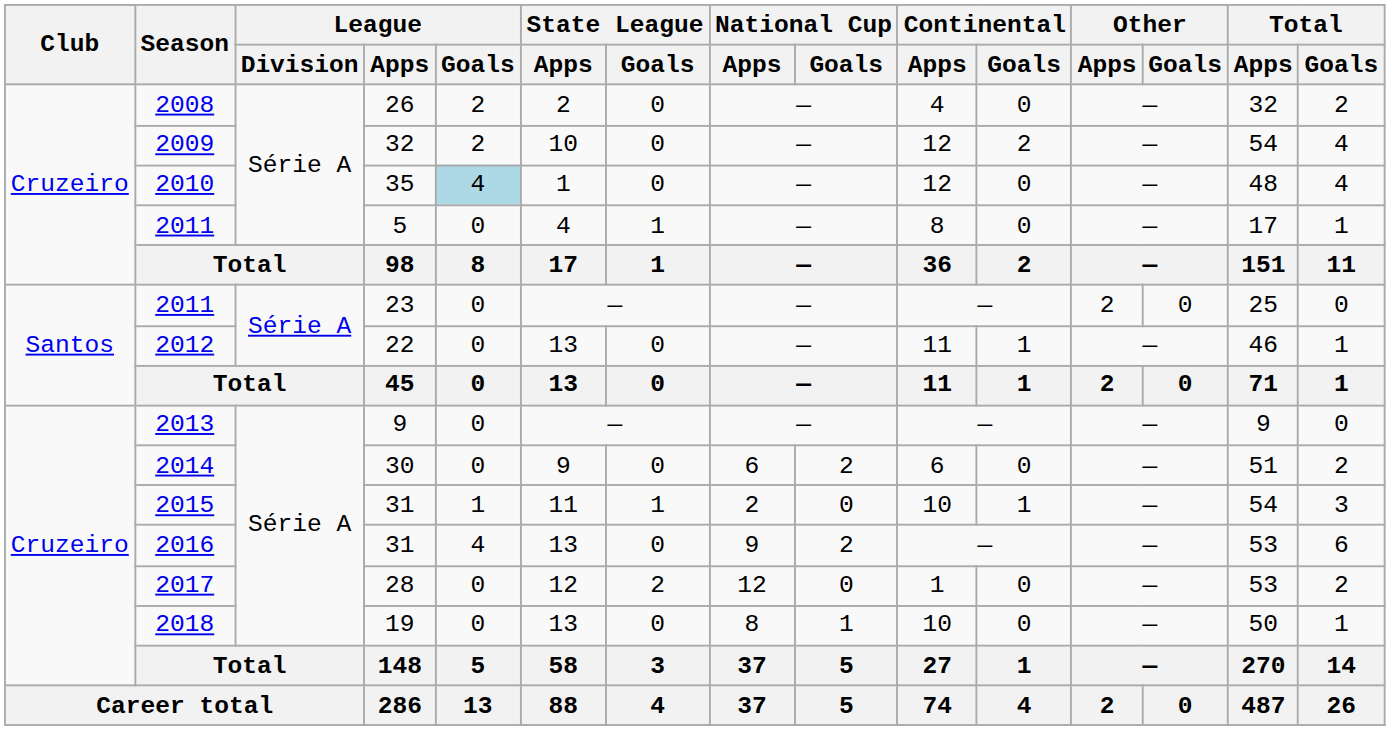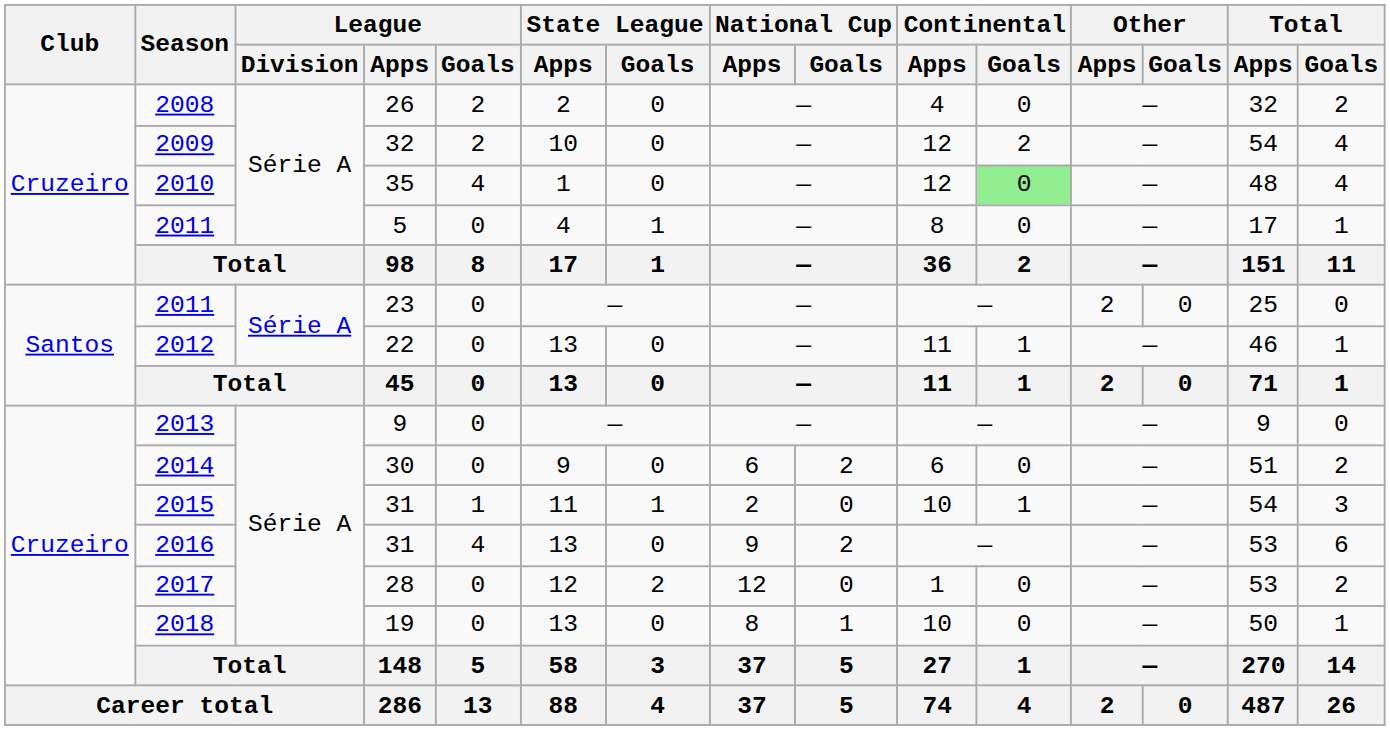 <table class="wikitable" style="text-align: center;">
 <tr>
 <th rowspan="2">Club</th>
 <th rowspan="2">Season</th>
 <th colspan="3">League</th>
 <th colspan="2">State League</th>
 <th colspan="2">National Cup</th>
 <th colspan="2">Continental</th>
 <th colspan="2">Other</th>
 <th colspan="2">Total</th>
 </tr>
 <tr>
 <th>Division</th>
 <th>Apps</th>
 <th>Goals</th>
 <th>Apps</th>
 <th>Goals</th>
 <th>Apps</th>
 <th>Goals</th>
 <th>Apps</th>
 <th>Goals</th>
 <th>Apps</th>
 <th>Goals</th>
 <th>Apps</th>
 <th>Goals</th>
 </tr>
 <tr>
 <td rowspan="5"><a href='#'>Cruzeiro</a></td>
 <td><a href='#'>2008</a></td>
 <td rowspan="4">Série A</td>
 <td>26</td>
 <td>2</td>
 <td>2</td>
 <td>0</td>
 <td colspan="2">—</td>
 <td>4</td>
 <td>0</td>
 <td colspan="2">—</td>
 <td>32</td>
 <td>2</td>
 </tr>
 <tr>
 <td><a href='#'>2009</a></td>
 <td>32</td>
 <td>2</td>
 <td>10</td>
 <td>0</td>
 <td colspan="2">—</td>
 <td>12</td>
 <td>2</td>
 <td colspan="2">—</td>
 <td>54</td>
 <td>4</td>
 </tr>
 <tr>
 <td><a href='#'>2010</a></td>
 <td>35</td>
-<td style="background: lightblue;">4</td>
+<td>4</td>
 <td>1</td>
 <td>0</td>
 <td colspan="2">—</td>
 <td>12</td>
-<td>0</td>
+<td style="background: lightgreen;">0</td>
 <td colspan="2">—</td>
 <td>48</td>
 <td>4</td>
 </tr>
 <tr>
 <td><a href='#'>2011</a></td>
 <td>5</td>
 <td>0</td>
 <td>4</td>
 <td>1</td>
 <td colspan="2">—</td>
 <td>8</td>
 <td>0</td>
 <td colspan="2">—</td>
 <td>17</td>
 <td>1</td>
 </tr>
 <tr>
 <th colspan="2">Total</th>
 <th>98</th>
 <th>8</th>
 <th>17</th>
 <th>1</th>
 <th colspan="2">—</th>
 <th>36</th>
 <th>2</th>
 <th colspan="2">—</th>
 <th>151</th>
 <th>11</th>
 </tr>
 <tr>
 <td rowspan="3"><a href='#'>Santos</a></td>
 <td><a href='#'>2011</a></td>
 <td rowspan="2"><a href='#'>Série A</a></td>
 <td>23</td>
 <td>0</td>
 <td colspan="2">—</td>
 <td colspan="2">—</td>
 <td colspan="2">—</td>
 <td>2</td>
 <td>0</td>
 <td>25</td>
 <td>0</td>
 </tr>
 <tr>
 <td><a href='#'>2012</a></td>
 <td>22</td>
 <td>0</td>
 <td>13</td>
 <td>0</td>
 <td colspan="2">—</td>
 <td>11</td>
 <td>1</td>
 <td colspan="2">—</td>
 <td>46</td>
 <td>1</td>
 </tr>
 <tr>
 <th colspan="2">Total</th>
 <th>45</th>
 <th>0</th>
 <th>13</th>
 <th>0</th>
 <th colspan="2">—</th>
 <th>11</th>
 <th>1</th>
 <th>2</th>
 <th>0</th>
 <th>71</th>
 <th>1</th>
 </tr>
 <tr>
 <td rowspan="7"><a href='#'>Cruzeiro</a></td>
 <td><a href='#'>2013</a></td>
 <td rowspan="6">Série A</td>
 <td>9</td>
 <td>0</td>
 <td colspan="2">—</td>
 <td colspan="2">—</td>
 <td colspan="2">—</td>
 <td colspan="2">—</td>
 <td>9</td>
 <td>0</td>
 </tr>
 <tr>
 <td><a href='#'>2014</a></td>
 <td>30</td>
 <td>0</td>
 <td>9</td>
 <td>0</td>
 <td>6</td>
 <td>2</td>
 <td>6</td>
 <td>0</td>
 <td colspan="2">—</td>
 <td>51</td>
 <td>2</td>
 </tr>
 <tr>
 <td><a href='#'>2015</a></td>
 <td>31</td>
 <td>1</td>
 <td>11</td>
 <td>1</td>
 <td>2</td>
 <td>0</td>
 <td>10</td>
 <td>1</td>
 <td colspan="2">—</td>
 <td>54</td>
 <td>3</td>
 </tr>
 <tr>
 <td><a href='#'>2016</a></td>
 <td>31</td>
 <td>4</td>
 <td>13</td>
 <td>0</td>
 <td>9</td>
 <td>2</td>
 <td colspan="2">—</td>
 <td colspan="2">—</td>
 <td>53</td>
 <td>6</td>
 </tr>
 <tr>
 <td><a href='#'>2017</a></td>
 <td>28</td>
 <td>0</td>
 <td>12</td>
 <td>2</td>
 <td>12</td>
 <td>0</td>
 <td>1</td>
 <td>0</td>
 <td colspan="2">—</td>
 <td>53</td>
 <td>2</td>
 </tr>
 <tr>
 <td><a href='#'>2018</a></td>
 <td>19</td>
 <td>0</td>
 <td>13</td>
 <td>0</td>
 <td>8</td>
 <td>1</td>
 <td>10</td>
 <td>0</td>
 <td colspan="2">—</td>
 <td>50</td>
 <td>1</td>
 </tr>
 <tr>
 <th colspan="2">Total</th>
 <th>148</th>
 <th>5</th>
 <th>58</th>
 <th>3</th>
 <th>37</th>
 <th>5</th>
 <th>27</th>
 <th>1</th>
 <th colspan="2">—</th>
 <th>270</th>
 <th>14</th>
 </tr>
 <tr>
 <th colspan="3">Career total</th>
 <th>286</th>
 <th>13</th>
 <th>88</th>
 <th>4</th>
 <th>37</th>
 <th>5</th>
 <th>74</th>
 <th>4</th>
 <th>2</th>
 <th>0</th>
 <th>487</th>
 <th>26</th>
 </tr>
 </table>
